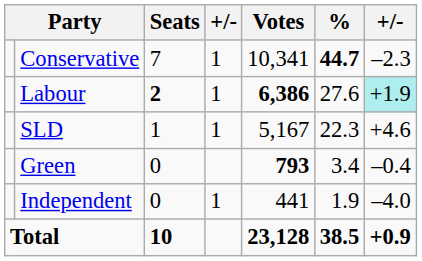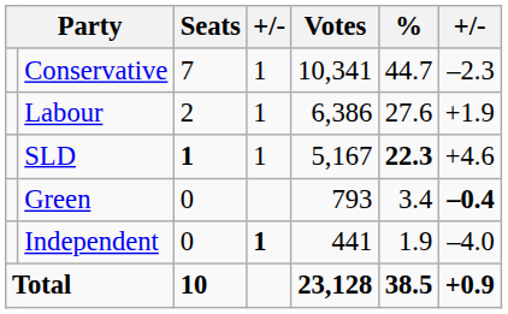 <table class="wikitable sortable">
 <tr>
 <th colspan="2">Party</th>
 <th>Seats</th>
 <th>+/-</th>
 <th>Votes</th>
 <th>%</th>
 <th>+/-</th>
 </tr>
 <tr>
 <td style="background-color: "></td>
 <td><a href='#'>Conservative</a></td>
 <td>7</td>
 <td> 1</td>
 <td style="text-align:right;">10,341</td>
-<td style="text-align:right;"><strong>44.7</strong></td>
+<td style="text-align:right;">44.7</td>
 <td style="text-align:right;">–2.3</td>
 </tr>
 <tr>
 <td style="background-color: "></td>
 <td><a href='#'>Labour</a></td>
-<td><strong>2</strong></td>
+<td>2</td>
 <td> 1</td>
-<td style="text-align:right;"><strong>6,386</strong></td>
+<td style="text-align:right;">6,386</td>
 <td style="text-align:right;">27.6</td>
-<td style="background: paleturquoise; text-align:right;">+1.9</td>
+<td style="text-align:right;">+1.9</td>
 </tr>
 <tr>
 <td style="background-color: "></td>
 <td><a href='#'>SLD</a></td>
-<td>1</td>
+<td><strong>1</strong></td>
 <td> 1</td>
 <td style="text-align:right;">5,167</td>
-<td style="text-align:right;">22.3</td>
+<td style="text-align:right;"><strong>22.3</strong></td>
 <td style="text-align:right;">+4.6</td>
 </tr>
 <tr>
 <td style="background-color: "></td>
 <td><a href='#'>Green</a></td>
 <td>0</td>
 <td></td>
-<td style="text-align:right;"><strong>793</strong></td>
+<td style="text-align:right;">793</td>
 <td style="text-align:right;">3.4</td>
-<td style="text-align:right;">–0.4</td>
+<td style="text-align:right;"><strong>–0.4</strong></td>
 </tr>
 <tr>
 <td style="background-color: "></td>
 <td><a href='#'>Independent</a></td>
 <td>0</td>
-<td> 1</td>
+<td><strong> 1</strong></td>
 <td style="text-align:right;">441</td>
 <td style="text-align:right;">1.9</td>
 <td style="text-align:right;">–4.0</td>
 </tr>
 <tr>
 <td colspan="2"><strong>Total</strong></td>
 <td><strong>10</strong></td>
 <td></td>
 <td style="text-align:right;"><strong>23,128</strong></td>
 <td style="text-align:right;"><strong>38.5</strong></td>
 <td style="text-align:right;"><strong>+0.9</strong></td>
 </tr>
 </table>
